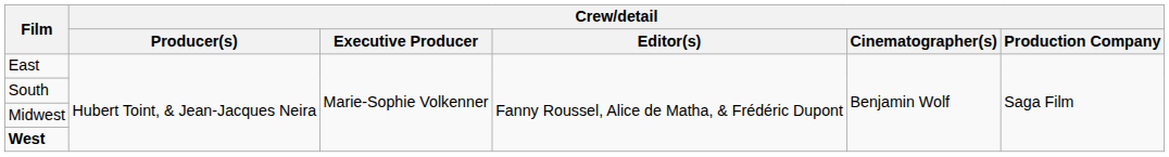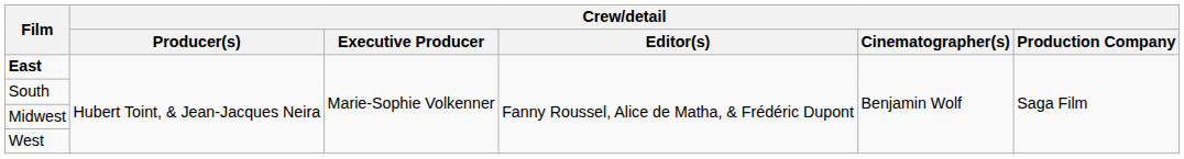 <table class="wikitable sortable mw-collapsible">
 <tr>
 <th rowspan="2">Film</th>
 <th colspan="5">Crew/detail</th>
 </tr>
 <tr>
 <th>Producer(s)</th>
 <th>Executive Producer</th>
 <th>Editor(s)</th>
 <th>Cinematographer(s)</th>
 <th>Production Company</th>
 </tr>
 <tr>
-<td>East</td>
+<td><strong>East</strong></td>
 <td rowspan="4"><br>Hubert Toint, & Jean-Jacques Neira</td>
 <td rowspan="4">Marie-Sophie Volkenner</td>
 <td rowspan="4"><br>Fanny Roussel, Alice de Matha, & Frédéric Dupont</td>
 <td rowspan="4">Benjamin Wolf</td>
 <td rowspan="4">Saga Film</td>
 </tr>
 <tr>
 <td>South</td>
 </tr>
 <tr>
 <td>Midwest</td>
 </tr>
 <tr>
-<td><strong>West</strong></td>
+<td>West</td>
 </tr>
 </table>
